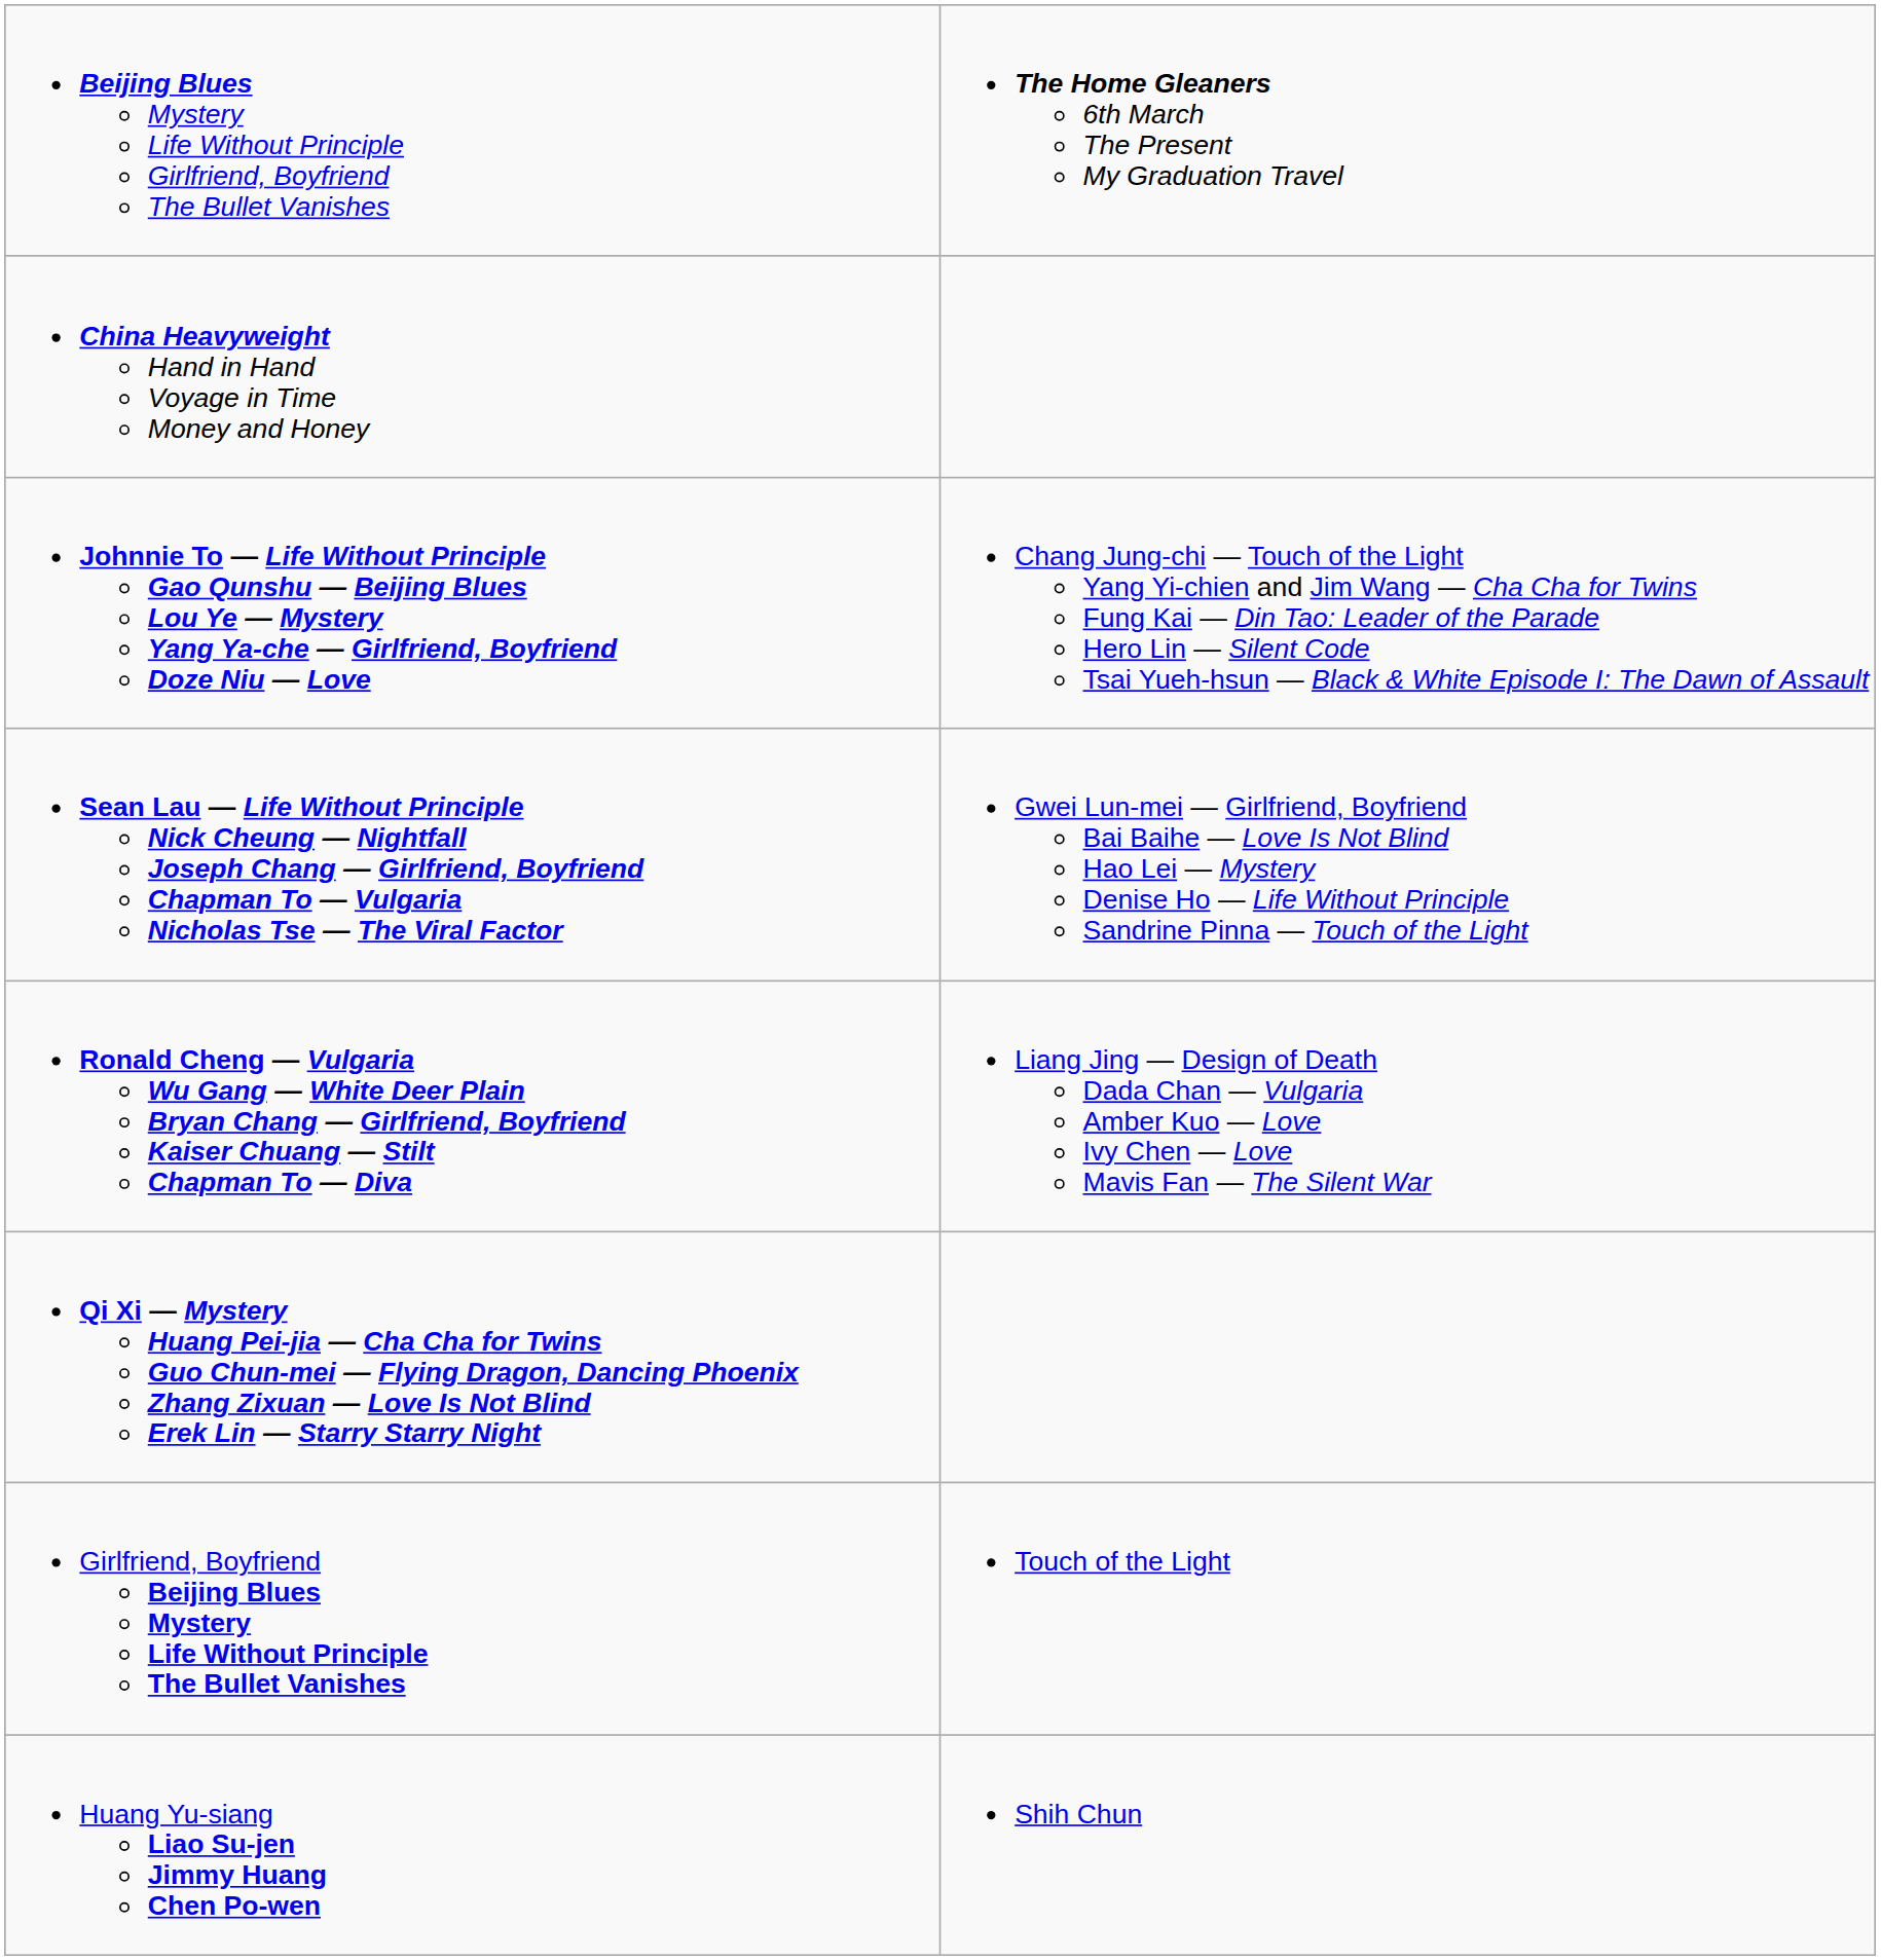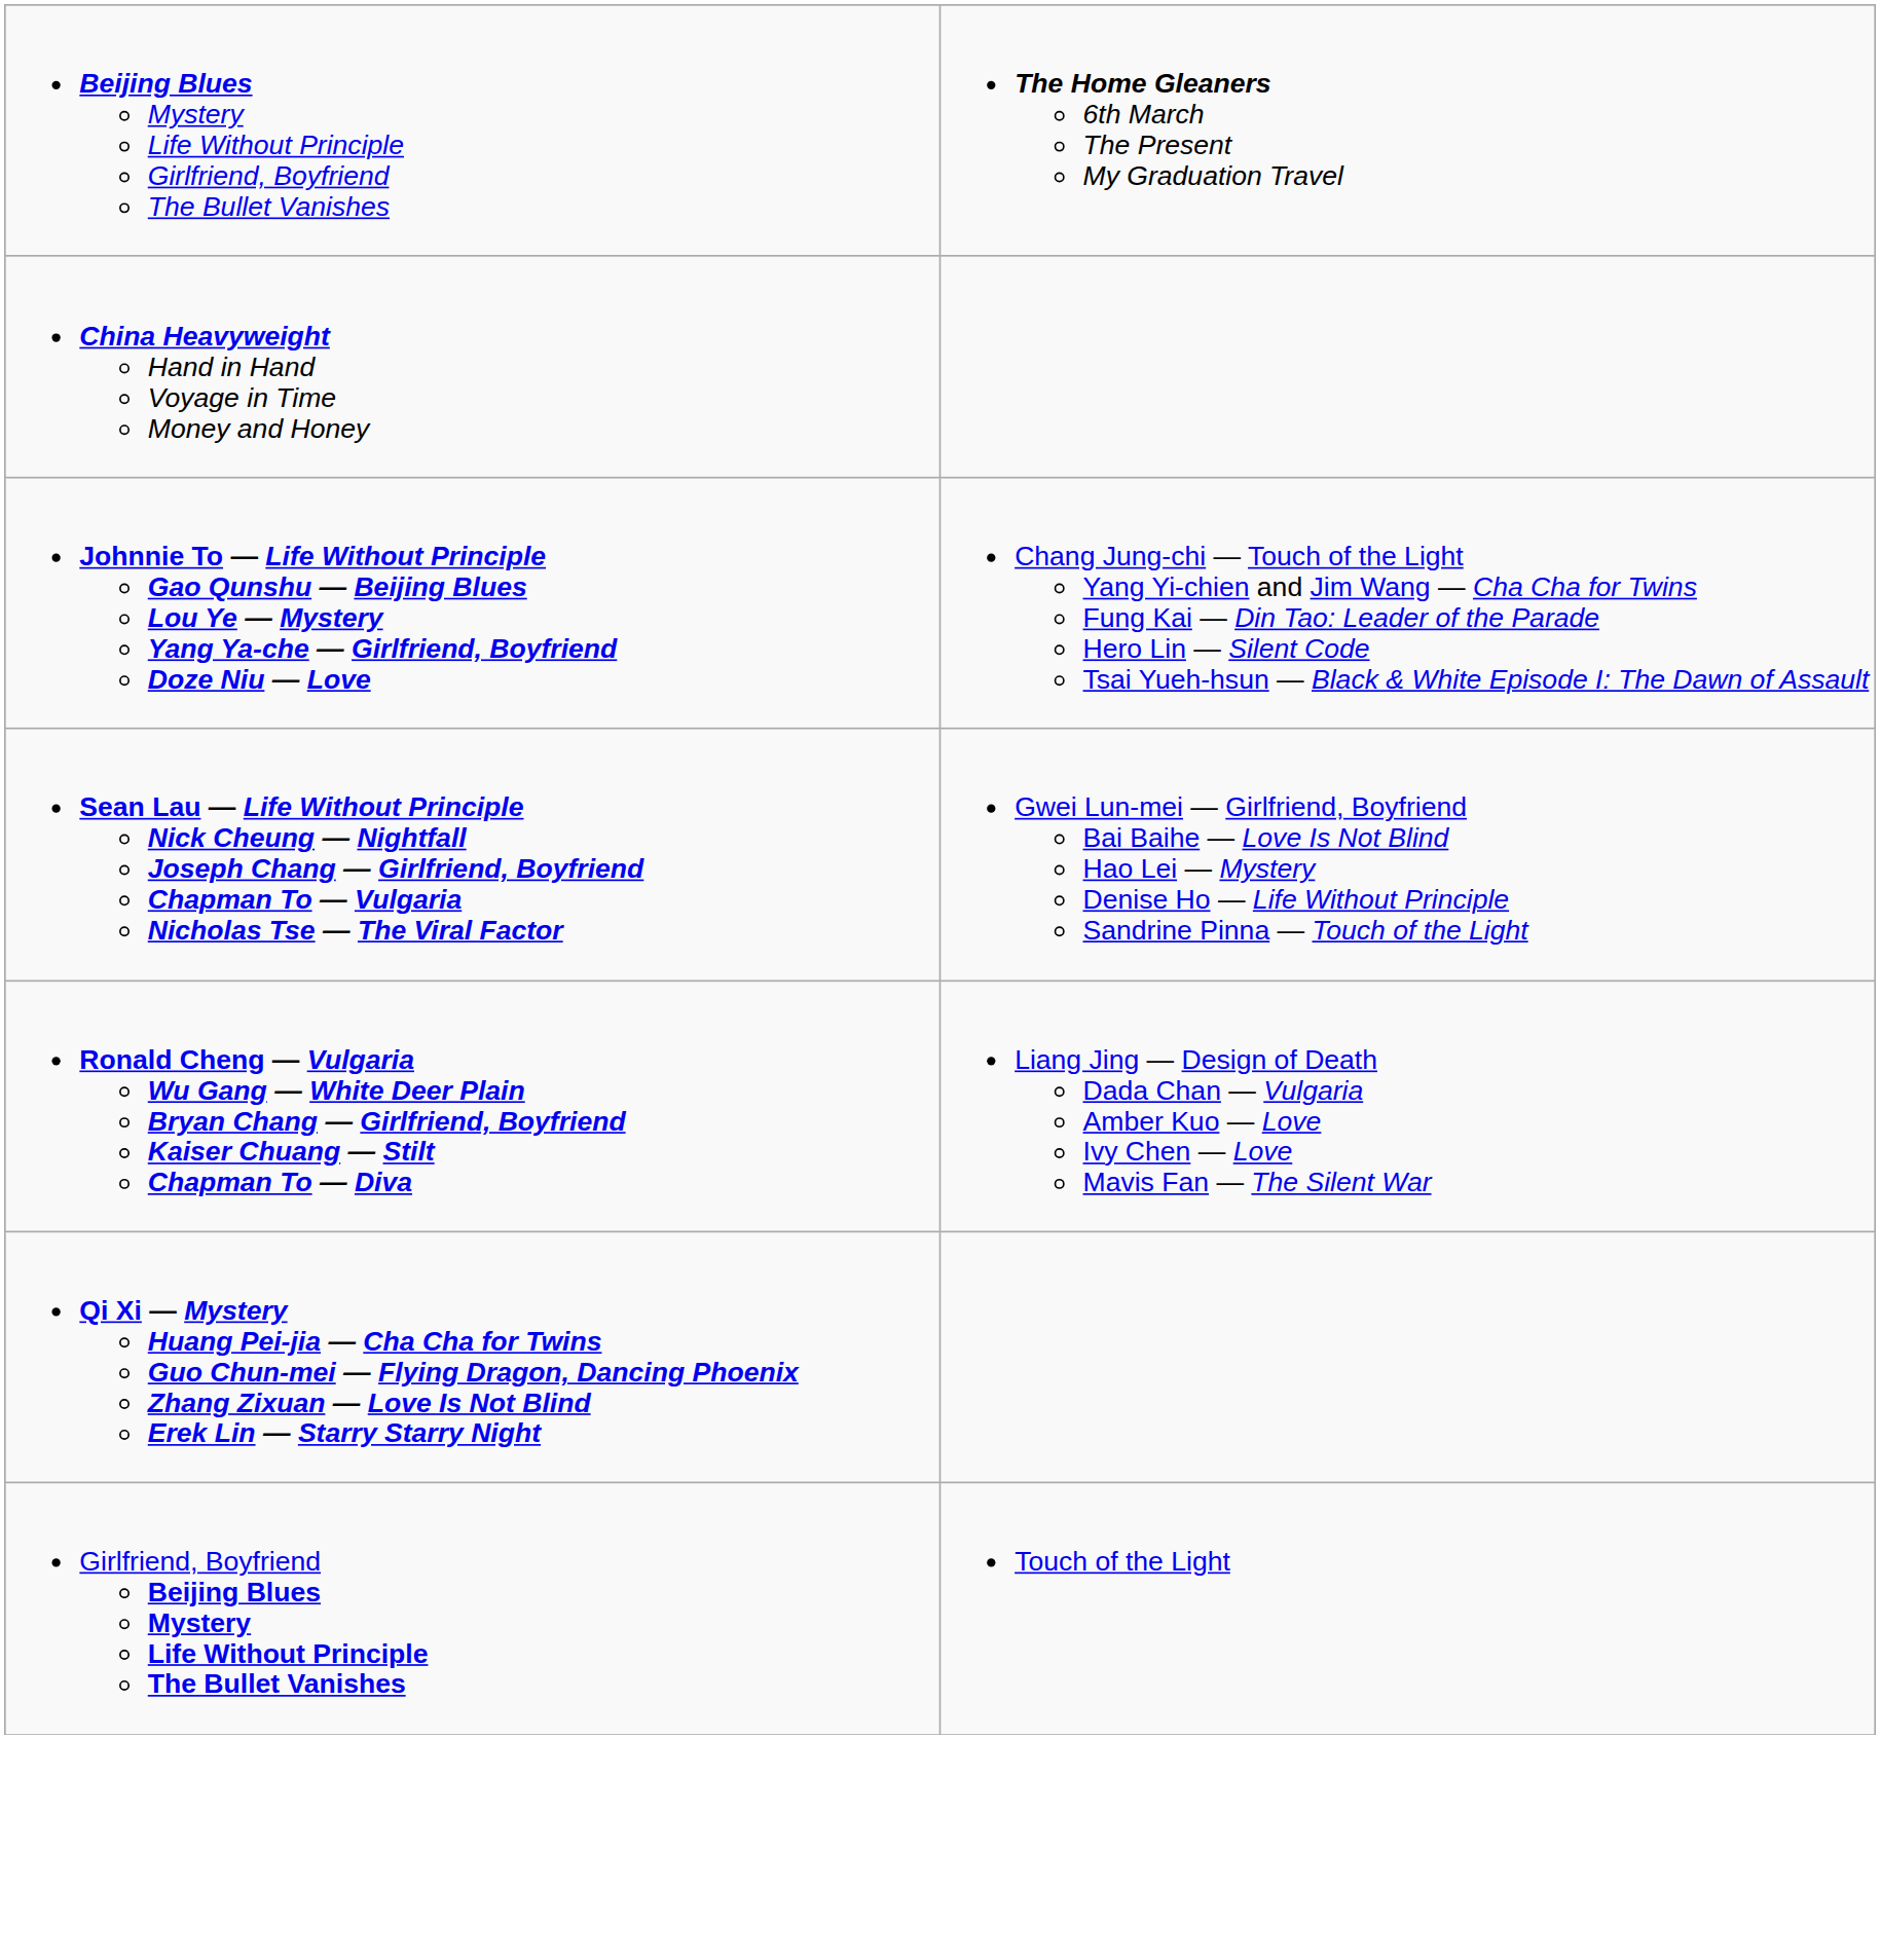 <table class=wikitable>
 <tr>
 <td valign="top" width="50%"><br><ul><li><strong><em><a href='#'>Beijing Blues</a></em></strong><ul><li><em><a href='#'>Mystery</a></em></li><li><em><a href='#'>Life Without Principle</a></em></li><li><em><a href='#'>Girlfriend, Boyfriend</a></em></li><li><em><a href='#'>The Bullet Vanishes</a></em></li></ul></li></ul></td>
 <td valign="top" width="50%"><br><ul><li><strong><em>The Home Gleaners</em></strong><ul><li><em>6th March</em></li><li><em>The Present</em></li><li><em>My Graduation Travel</em></li></ul></li></ul></td>
 </tr>
 <tr>
 <td valign="top" width="50%"><br><ul><li><strong><em><a href='#'>China Heavyweight</a></em></strong><ul><li><em>Hand in Hand</em></li><li><em>Voyage in Time</em></li><li><em>Money and Honey</em></li></ul></li></ul></td>
 <td valign="top" width="50%"><br> </td>
 </tr>
 <tr>
 <td valign="top" width="50%"><br><ul><li><strong><a href='#'>Johnnie To</a> — <em><a href='#'>Life Without Principle</a><strong><em><ul><li><a href='#'>Gao Qunshu</a>  — </em><a href='#'>Beijing Blues</a><em></li><li><a href='#'>Lou Ye</a> — </em><a href='#'>Mystery</a><em></li><li><a href='#'>Yang Ya-che</a> — </em><a href='#'>Girlfriend, Boyfriend</a><em></li><li><a href='#'>Doze Niu</a> — </em><a href='#'>Love</a><em></li></ul></li></ul></td>
 <td valign="top" width="50%"><br><ul><li></strong><a href='#'>Chang Jung-chi</a> — </em><a href='#'>Touch of the Light</a></em></strong><ul><li><a href='#'>Yang Yi-chien</a> and <a href='#'>Jim Wang</a> — <em><a href='#'>Cha Cha for Twins</a></em></li><li><a href='#'>Fung Kai</a> — <em><a href='#'>Din Tao: Leader of the Parade</a></em></li><li><a href='#'>Hero Lin</a> — <em><a href='#'>Silent Code</a></em></li><li><a href='#'>Tsai Yueh-hsun</a> — <em><a href='#'>Black & White Episode I: The Dawn of Assault</a></em></li></ul></li></ul></td>
 </tr>
 <tr>
 <td valign="top" width="50%"><br><ul><li><strong><a href='#'>Sean Lau</a> — <em><a href='#'>Life Without Principle</a><strong><em><ul><li><a href='#'>Nick Cheung</a> — </em><a href='#'>Nightfall</a><em></li><li><a href='#'>Joseph Chang</a> — </em><a href='#'>Girlfriend, Boyfriend</a><em></li><li><a href='#'>Chapman To</a> — </em><a href='#'>Vulgaria</a><em></li><li><a href='#'>Nicholas Tse</a> — </em><a href='#'>The Viral Factor</a><em></li></ul></li></ul></td>
 <td valign="top" width="50%"><br><ul><li></strong><a href='#'>Gwei Lun-mei</a> — </em><a href='#'>Girlfriend, Boyfriend</a></em></strong><ul><li><a href='#'>Bai Baihe</a> — <em><a href='#'>Love Is Not Blind</a></em></li><li><a href='#'>Hao Lei</a> — <em><a href='#'>Mystery</a></em></li><li><a href='#'>Denise Ho</a> — <em><a href='#'>Life Without Principle</a></em></li><li><a href='#'>Sandrine Pinna</a> — <em><a href='#'>Touch of the Light</a></em></li></ul></li></ul></td>
 </tr>
 <tr>
 <td valign="top" width="50%"><br><ul><li><strong><a href='#'>Ronald Cheng</a> — <em><a href='#'>Vulgaria</a><strong><em><ul><li><a href='#'>Wu Gang</a> — </em><a href='#'>White Deer Plain</a><em></li><li><a href='#'>Bryan Chang</a> — </em><a href='#'>Girlfriend, Boyfriend</a><em></li><li><a href='#'>Kaiser Chuang</a> — </em><a href='#'>Stilt</a><em></li><li><a href='#'>Chapman To</a> — </em><a href='#'>Diva</a><em></li></ul></li></ul></td>
 <td valign="top" width="50%"><br><ul><li></strong><a href='#'>Liang Jing</a> — </em><a href='#'>Design of Death</a></em></strong><ul><li><a href='#'>Dada Chan</a> — <em><a href='#'>Vulgaria</a></em></li><li><a href='#'>Amber Kuo</a> — <em><a href='#'>Love</a></em></li><li><a href='#'>Ivy Chen</a> — <em><a href='#'>Love</a></em></li><li><a href='#'>Mavis Fan</a> — <em><a href='#'>The Silent War</a></em></li></ul></li></ul></td>
 </tr>
 <tr>
 <td valign="top" width="50%"><br><ul><li><strong><a href='#'>Qi Xi</a> — <em><a href='#'>Mystery</a><strong><em><ul><li><a href='#'>Huang Pei-jia</a> — </em><a href='#'>Cha Cha for Twins</a><em></li><li><a href='#'>Guo Chun-mei</a> — </em><a href='#'>Flying Dragon, Dancing Phoenix</a><em></li><li><a href='#'>Zhang Zixuan</a> — </em><a href='#'>Love Is Not Blind</a><em></li><li><a href='#'>Erek Lin</a> — </em><a href='#'>Starry Starry Night</a><em></li></ul></li></ul></td>
 </tr>
 <tr>
 <td valign="top" width="50%"><br><ul><li></em></strong><a href='#'>Girlfriend, Boyfriend</a><strong><em><ul><li></em><a href='#'>Beijing Blues</a><em></li><li></em><a href='#'>Mystery</a><em></li><li></em><a href='#'>Life Without Principle</a><em></li><li></em><a href='#'>The Bullet Vanishes</a><em></li></ul></li></ul></td>
 <td valign="top" width="50%"><br><ul><li></em></strong><a href='#'>Touch of the Light</a><strong><em></li></ul></td>
 </tr>
-<tr>
-<td valign="top" width="50%"><br><ul><li></strong><a href='#'>Huang Yu-siang</a><strong><ul><li><a href='#'>Liao Su-jen</a></li><li><a href='#'>Jimmy Huang</a></li><li><a href='#'>Chen Po-wen</a></li></ul></li></ul></td>
-<td valign="top" width="50%"><br><ul><li></strong><a href='#'>Shih Chun</a><strong></li></ul></td>
-</tr>
 </table>
